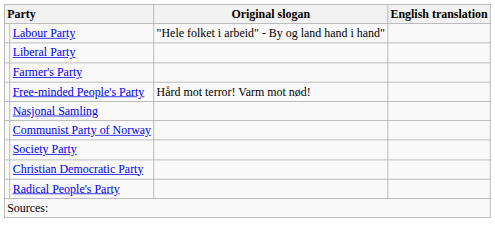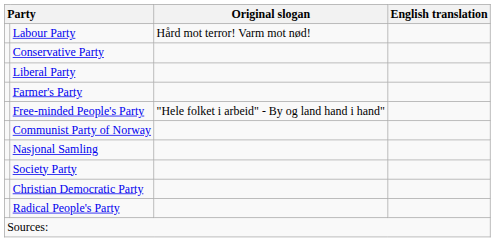 <table class="wikitable" style="font-size:97%; text-align:left">
 <tr>
 <th colspan="2" style="text-align:left;">Party</th>
 <th>Original slogan</th>
 <th>English translation</th>
 </tr>
 <tr>
 <td style="background:"></td>
 <td><a href='#'>Labour Party</a></td>
-<td>"Hele folket i arbeid" - By og land hand i hand"</td>
+<td>Hård mot terror! Varm mot nød!</td>
+<td></td>
+</tr>
+<tr>
+<td style="background:"></td>
+<td><a href='#'>Conservative Party</a></td>
+<td></td>
 <td></td>
 </tr>
 <tr>
 <td style="background:"></td>
 <td><a href='#'>Liberal Party</a></td>
 <td></td>
 <td></td>
 </tr>
 <tr>
 <td style="background:"></td>
 <td><a href='#'>Farmer's Party</a></td>
 <td></td>
 <td></td>
 </tr>
 <tr>
 <td style="background:"></td>
 <td><a href='#'>Free-minded People's Party</a></td>
-<td>Hård mot terror! Varm mot nød!</td>
+<td>"Hele folket i arbeid" - By og land hand i hand"</td>
+<td></td>
+</tr>
+<tr>
+<td style="background:"></td>
+<td><a href='#'>Communist Party of Norway</a></td>
+<td></td>
 <td></td>
 </tr>
 <tr>
 <td style="background:"></td>
 <td><a href='#'>Nasjonal Samling</a></td>
-<td></td>
-<td></td>
-</tr>
-<tr>
-<td style="background:"></td>
-<td><a href='#'>Communist Party of Norway</a></td>
 <td></td>
 <td></td>
 </tr>
 <tr>
 <td style="background:"></td>
 <td><a href='#'>Society Party</a></td>
 <td></td>
 <td></td>
 </tr>
 <tr>
 <td style="background:"></td>
 <td><a href='#'>Christian Democratic Party</a></td>
 <td></td>
 <td></td>
 </tr>
 <tr>
 <td style="background:"></td>
 <td><a href='#'>Radical People's Party</a></td>
 <td></td>
 <td></td>
 </tr>
 <tr>
 <td colspan="4">Sources: </td>
 </tr>
 </table>
